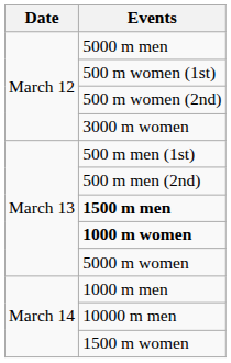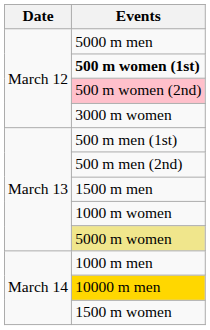 <table class="wikitable" border="1">
 <tr>
 <th>Date</th>
 <th>Events</th>
 </tr>
 <tr>
 <td rowspan=4>March 12</td>
 <td>5000 m men</td>
 </tr>
 <tr>
-<td>500 m women (1st)</td>
+<td><strong>500 m women (1st)</strong></td>
 </tr>
 <tr>
-<td>500 m women (2nd)</td>
+<td style="background: pink;">500 m women (2nd)</td>
 </tr>
 <tr>
 <td>3000 m women</td>
 </tr>
 <tr>
 <td rowspan=5>March 13</td>
 <td>500 m men (1st)</td>
 </tr>
 <tr>
 <td>500 m men (2nd)</td>
 </tr>
 <tr>
-<td><strong>1500 m men</strong></td>
+<td>1500 m men</td>
 </tr>
 <tr>
-<td><strong>1000 m women</strong></td>
+<td>1000 m women</td>
 </tr>
 <tr>
-<td>5000 m women</td>
+<td style="background: khaki;">5000 m women</td>
 </tr>
 <tr>
 <td rowspan=3>March 14</td>
 <td>1000 m men</td>
 </tr>
 <tr>
-<td>10000 m men</td>
+<td style="background: gold;">10000 m men</td>
 </tr>
 <tr>
 <td>1500 m women</td>
 </tr>
 </table>
